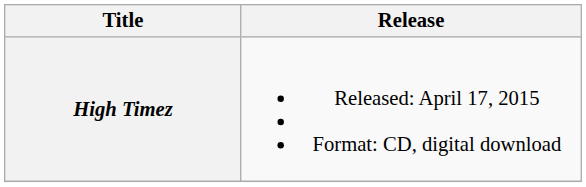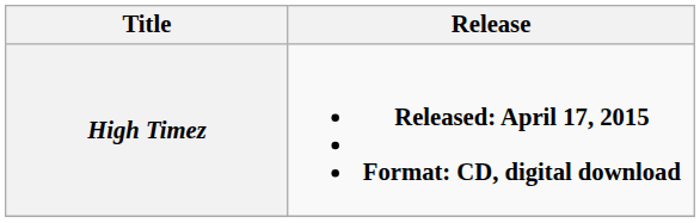 <table class="wikitable plainrowheaders" style="text-align:center;">
 <tr>
 <th scope="col" style="width:11em;">Title</th>
 <th scope="col" style="width:16em;">Release</th>
 </tr>
 <tr>
 <th scope="row"><em>High Timez</em></th>
-<td><br><ul><li>Released: April 17, 2015</li><li></li><li>Format: CD, digital download</li></ul></td>
+<td><strong><br><ul><li>Released: April 17, 2015</li><li></li><li>Format: CD, digital download</li></ul></strong></td>
 </tr>
 <tr>
 </tr>
 </table>
